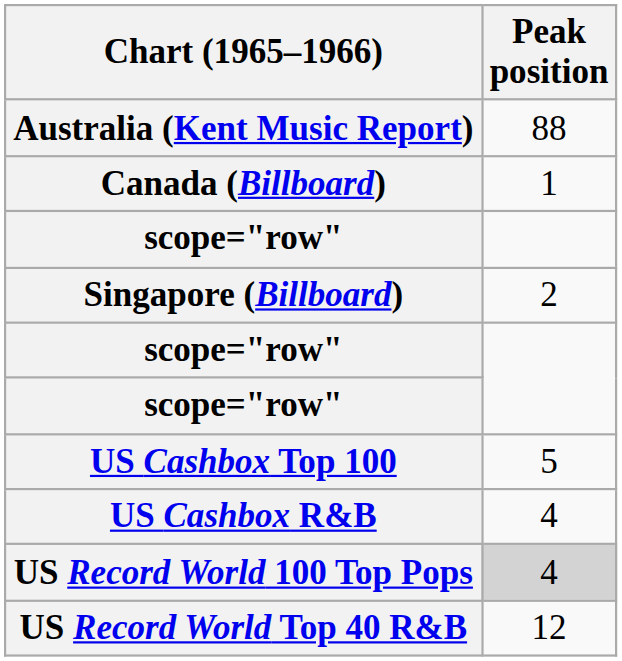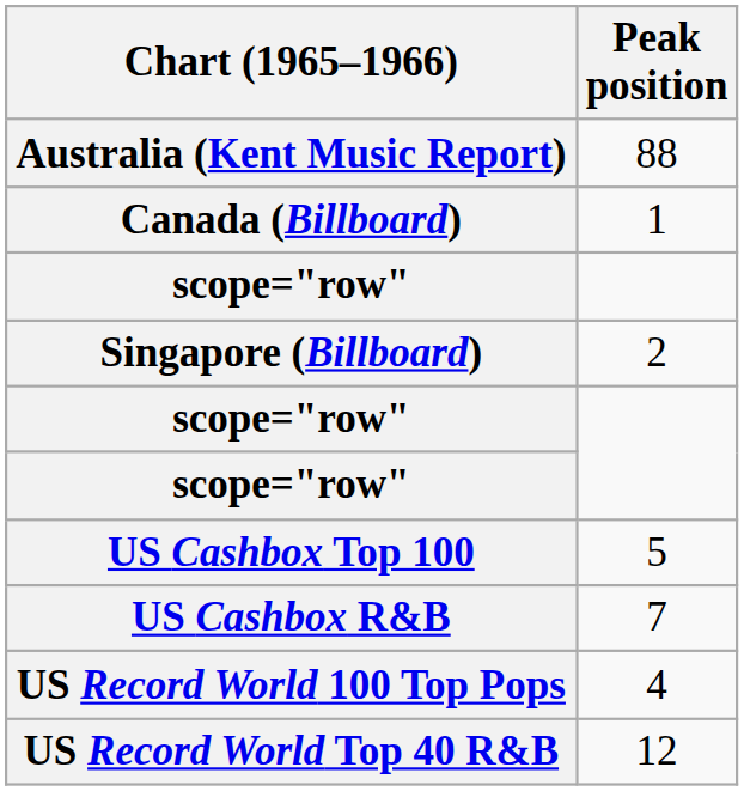 <table class="wikitable sortable plainrowheaders">
 <tr>
 <th scope="col">Chart (1965–1966)</th>
 <th scope="col">Peak<br>position</th>
 </tr>
 <tr>
 <th scope="row">Australia (<a href='#'>Kent Music Report</a>)</th>
 <td align="center">88</td>
 </tr>
 <tr>
 <th scope="row">Canada (<a href='#'><em>Billboard</em></a>)</th>
 <td style="text-align:center;">1</td>
 </tr>
 <tr>
 <th>scope="row" </th>
 </tr>
 <tr>
 <th scope="row">Singapore (<a href='#'><em>Billboard</em></a>)</th>
 <td style="text-align:center;">2</td>
 </tr>
 <tr>
 <th>scope="row" </th>
 </tr>
 <tr>
 <th>scope="row" </th>
 </tr>
 <tr>
 <th scope="row"><a href='#'>US <em>Cashbox</em> Top 100</a></th>
 <td style="text-align:center;">5</td>
 </tr>
 <tr>
 <th scope="row"><a href='#'>US <em>Cashbox</em> R&B</a></th>
-<td style="text-align:center;">4</td>
+<td style="text-align:center;">7</td>
 </tr>
 <tr>
 <th scope="row">US <a href='#'><em>Record World</em> 100 Top Pops</a></th>
-<td style="background: lightgrey; text-align:center;">4</td>
+<td style="text-align:center;">4</td>
 </tr>
 <tr>
 <th scope="row">US <a href='#'><em>Record World</em> Top 40 R&B</a></th>
 <td style="text-align:center;">12</td>
 </tr>
 </table>
